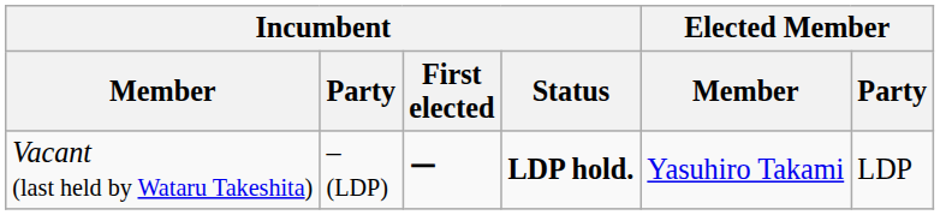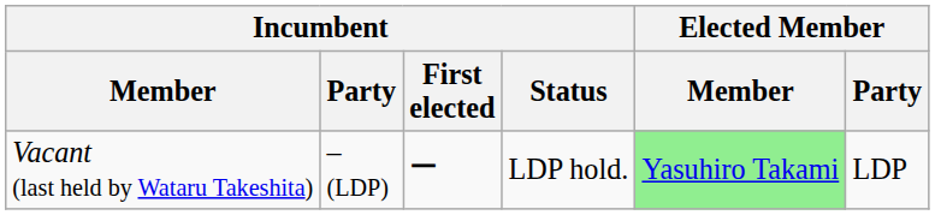 <table class="wikitable sortable">
 <tr>
 <th colspan=4>Incumbent</th>
 <th colspan=2>Elected Member</th>
 </tr>
 <tr>
 <th>Member</th>
 <th>Party</th>
 <th>First<br>elected</th>
 <th>Status</th>
 <th>Member</th>
 <th>Party</th>
 </tr>
 <tr>
 <td><em>Vacant</em><br><small>(last held by <a href='#'>Wataru Takeshita</a>)</small></td>
 <td>–<br><small>(LDP)</small></td>
 <td>ー</td>
-<td><strong>LDP hold.</strong></td>
-<td><a href='#'>Yasuhiro Takami</a></td>
+<td>LDP hold.</td>
+<td style="background: lightgreen;"><a href='#'>Yasuhiro Takami</a></td>
 <td>LDP</td>
 </tr>
 </table>
